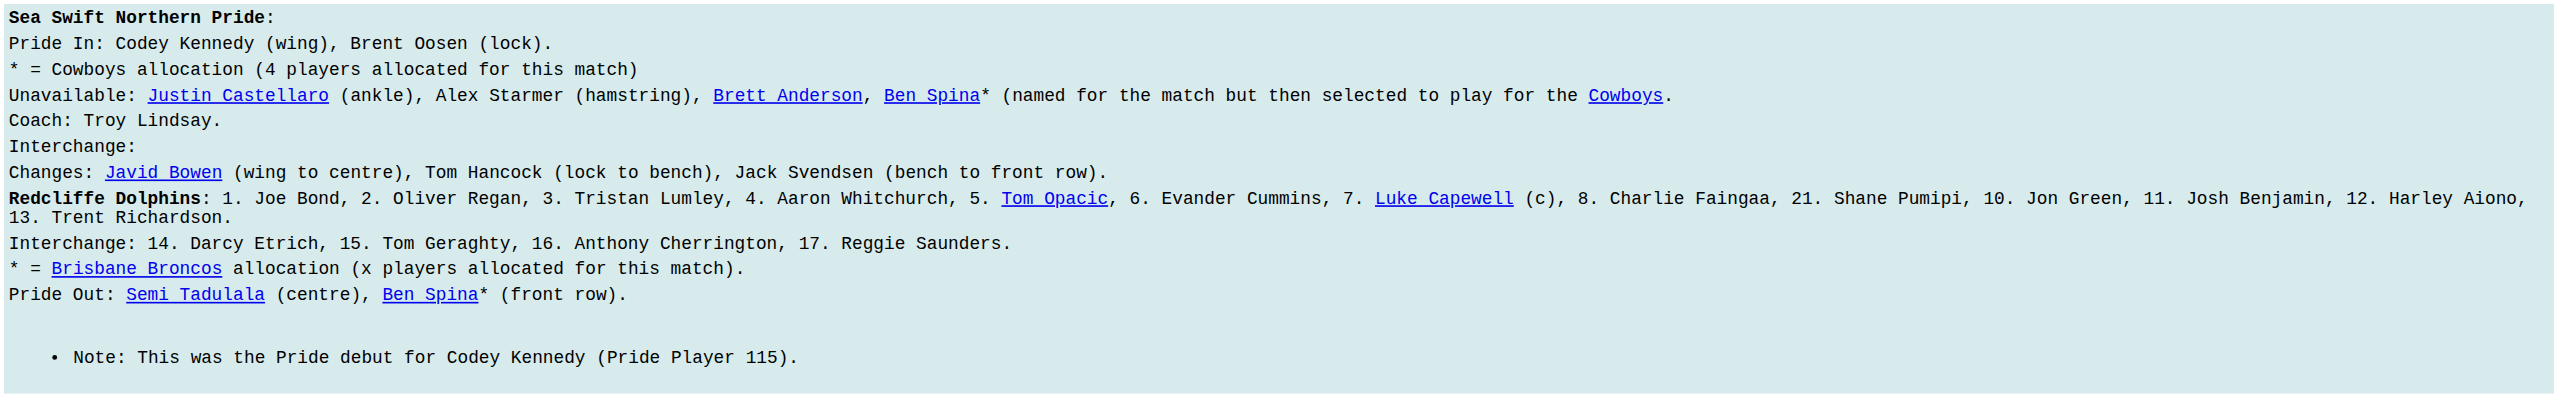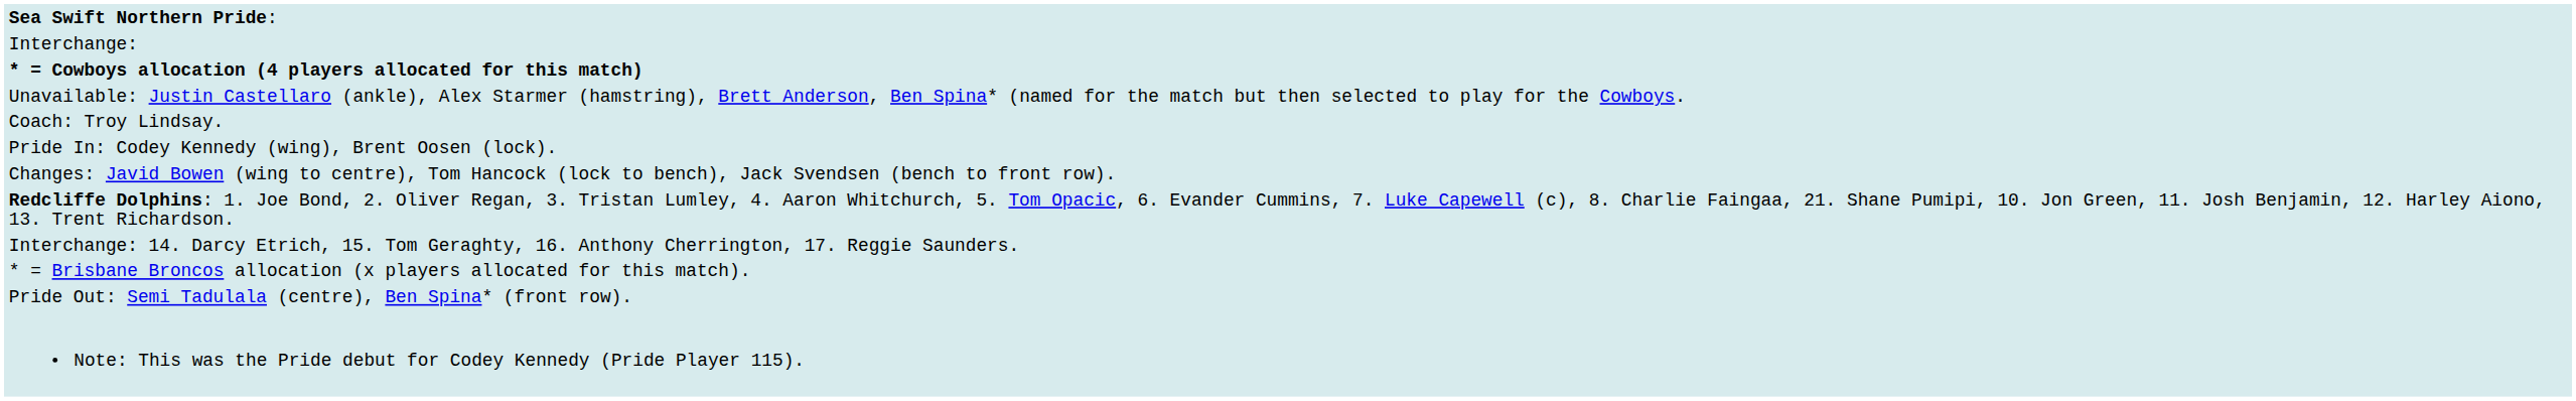 <table style="background:#d7ebed; font-size:85%; width:100%;">
 <tr>
 <td><strong>Sea Swift Northern Pride</strong>:             </td>
 </tr>
 <tr>
-<td>Pride In: Codey Kennedy (wing), Brent Oosen (lock).</td>
+<td>Interchange:    </td>
 </tr>
 <tr>
-<td>* = Cowboys allocation (4 players allocated for this match)</td>
+<td><strong>* = Cowboys allocation (4 players allocated for this match)</strong></td>
 </tr>
 <tr>
 <td>Unavailable: <a href='#'>Justin Castellaro</a> (ankle), Alex Starmer (hamstring), <a href='#'>Brett Anderson</a>, <a href='#'>Ben Spina</a>* (named for the match but then selected to play for the <a href='#'>Cowboys</a>.</td>
 </tr>
 <tr>
 <td>Coach: Troy Lindsay.</td>
 </tr>
 <tr>
-<td>Interchange:    </td>
+<td>Pride In: Codey Kennedy (wing), Brent Oosen (lock).</td>
 </tr>
 <tr>
 <td>Changes: <a href='#'>Javid Bowen</a> (wing to centre), Tom Hancock (lock to bench), Jack Svendsen (bench to front row).</td>
 </tr>
 <tr>
 <td><strong>Redcliffe Dolphins</strong>: 1. Joe Bond, 2. Oliver Regan, 3. Tristan Lumley, 4. Aaron Whitchurch, 5. <a href='#'>Tom Opacic</a>, 6. Evander Cummins, 7. <a href='#'>Luke Capewell</a> (c), 8. Charlie Faingaa, 21. Shane Pumipi, 10. Jon Green, 11. Josh Benjamin, 12. Harley Aiono, 13. Trent Richardson.</td>
 </tr>
 <tr>
 <td>Interchange: 14. Darcy Etrich, 15. Tom Geraghty, 16. Anthony Cherrington, 17. Reggie Saunders.</td>
 </tr>
 <tr>
 <td>* = <a href='#'>Brisbane Broncos</a> allocation (x players allocated for this match).</td>
 </tr>
 <tr>
 <td>Pride Out: <a href='#'>Semi Tadulala</a> (centre), <a href='#'>Ben Spina</a>* (front row).</td>
 </tr>
 <tr>
 <td><br><ul><li>Note: This was the Pride debut for Codey Kennedy (Pride Player 115).</li></ul></td>
 </tr>
 <tr>
 </tr>
 </table>
